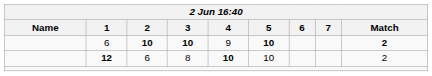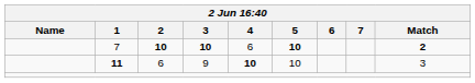 <table class=wikitable style="text-align:center; width: 55%">
 <tr>
 <th colspan=17><em> 2 Jun 16:40</em></th>
 </tr>
 <tr>
 <th>Name</th>
 <th>1</th>
 <th>2</th>
 <th>3</th>
 <th>4</th>
 <th>5</th>
 <th>6</th>
 <th>7</th>
 <th>Match</th>
 </tr>
 <tr>
 <td style="text-align:left;"><strong></strong></td>
-<td>6</td>
+<td>7</td>
 <td><strong>10</strong></td>
 <td><strong>10</strong></td>
-<td>9</td>
+<td>6</td>
 <td><strong>10</strong></td>
 <td></td>
 <td></td>
 <td><strong>2</strong></td>
 </tr>
 <tr>
 <td style="text-align:left;"></td>
-<td><strong>12</strong></td>
+<td><strong>11</strong></td>
 <td>6</td>
-<td>8</td>
+<td>9</td>
 <td><strong>10</strong></td>
 <td>10</td>
 <td></td>
 <td></td>
-<td>2</td>
+<td>3</td>
 </tr>
 <tr>
 <td colspan=17></td>
 </tr>
 </table>
